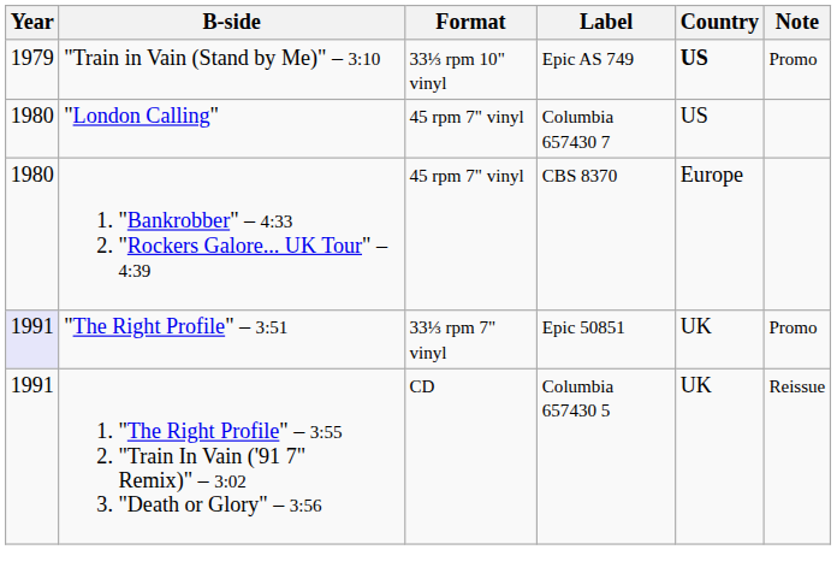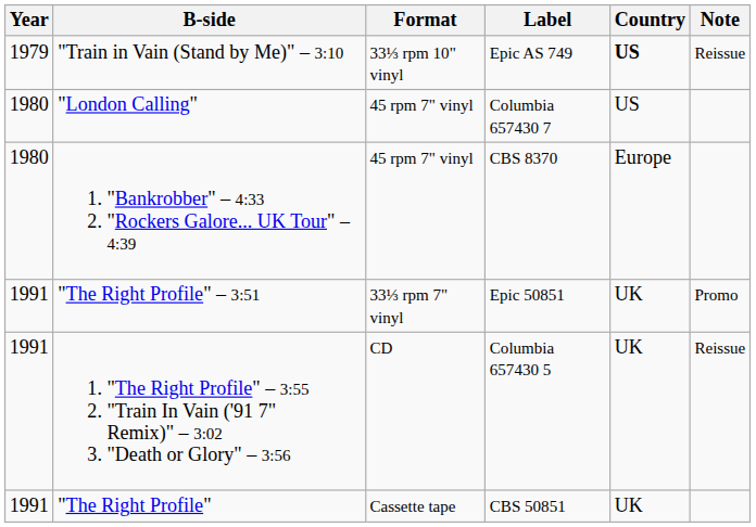 <table class="wikitable">
 <tr>
 <th style="text-align:center;">Year</th>
 <th style="text-align:center;">B-side</th>
 <th style="text-align:center;">Format</th>
 <th style="text-align:center;">Label</th>
 <th style="text-align:center;">Country</th>
 <th style="text-align:center;">Note</th>
 </tr>
 <tr>
 <td valign="top">1979</td>
 <td valign="top">"Train in Vain (Stand by Me)" – <small>3:10</small></td>
 <td valign="top"><small>33⅓ rpm 10" vinyl</small></td>
 <td valign="top"><small>Epic AS 749</small></td>
 <td valign="top"><strong>US</strong></td>
-<td valign="top"><small>Promo</small></td>
+<td valign="top"><small>Reissue</small></td>
 </tr>
 <tr>
 <td valign="top">1980</td>
 <td valign="top">"<a href='#'>London Calling</a>"</td>
 <td valign="top"><small>45 rpm 7" vinyl</small></td>
 <td valign="top"><small>Columbia 657430 7</small></td>
 <td valign="top">US</td>
 <td valign="top"></td>
 </tr>
 <tr>
 <td valign="top">1980</td>
 <td valign="top"><br><ol><li>"<a href='#'>Bankrobber</a>" – <small>4:33</small></li><li>"<a href='#'>Rockers Galore... UK Tour</a>" – <small>4:39</small></li></ol></td>
 <td valign="top"><small>45 rpm 7" vinyl</small></td>
 <td valign="top"><small>CBS 8370</small></td>
 <td valign="top">Europe</td>
 <td valign="top"><small><em> </em></small></td>
 </tr>
 <tr>
-<td valign="top" style="background: lavender;">1991</td>
+<td valign="top">1991</td>
 <td valign="top">"<a href='#'>The Right Profile</a>" – <small>3:51</small></td>
 <td valign="top"><small>33⅓ rpm 7" vinyl</small></td>
 <td valign="top"><small>Epic 50851</small></td>
 <td valign="top">UK</td>
 <td valign="top"><small>Promo</small></td>
 </tr>
 <tr>
 <td valign="top">1991</td>
 <td valign="top"><br><ol><li>"<a href='#'>The Right Profile</a>" – <small>3:55</small></li><li>"Train In Vain ('91 7" Remix)" – <small>3:02</small></li><li>"Death or Glory" – <small>3:56</small></li></ol></td>
 <td valign="top"><small>CD</small></td>
 <td valign="top"><small>Columbia 657430 5</small></td>
 <td valign="top">UK</td>
 <td valign="top"><small>Reissue</small></td>
 </tr>
+<tr>
+<td valign="top">1991</td>
+<td valign="top">"<a href='#'>The Right Profile</a>"</td>
+<td valign="top"><small>Cassette tape</small></td>
+<td valign="top"><small>CBS 50851</small></td>
+<td valign="top">UK</td>
+<td valign="top"></td>
+</tr>
 </table>
